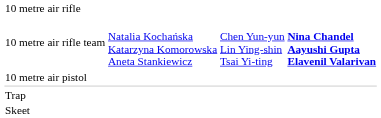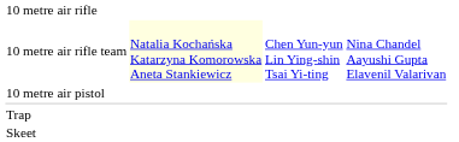 <table>
 <tr>
 <td>10 metre air rifle<br></td>
 <td></td>
 <td></td>
 <td></td>
 </tr>
 <tr>
 <td>10 metre air rifle team</td>
-<td><br><a href='#'>Natalia Kochańska</a><br><a href='#'>Katarzyna Komorowska</a><br><a href='#'>Aneta Stankiewicz</a></td>
+<td style="background: lightyellow;"><br><a href='#'>Natalia Kochańska</a><br><a href='#'>Katarzyna Komorowska</a><br><a href='#'>Aneta Stankiewicz</a></td>
 <td><br><a href='#'>Chen Yun-yun</a><br><a href='#'>Lin Ying-shin</a><br><a href='#'>Tsai Yi-ting</a></td>
-<td><strong><br><a href='#'>Nina Chandel</a><br><a href='#'>Aayushi Gupta</a><br><a href='#'>Elavenil Valarivan</a></strong></td>
+<td><br><a href='#'>Nina Chandel</a><br><a href='#'>Aayushi Gupta</a><br><a href='#'>Elavenil Valarivan</a></td>
 </tr>
 <tr>
 <td>10 metre air pistol<br></td>
 <td></td>
 <td></td>
 <td></td>
 </tr>
 <tr bgcolor=#DDDDDD>
 <td colspan=7></td>
 </tr>
 <tr>
 <td>Trap<br></td>
 <td></td>
 <td></td>
 <td></td>
 </tr>
 <tr>
 <td>Skeet<br></td>
 <td></td>
 <td></td>
 <td></td>
 </tr>
 </table>
